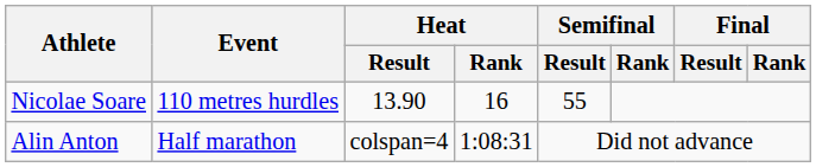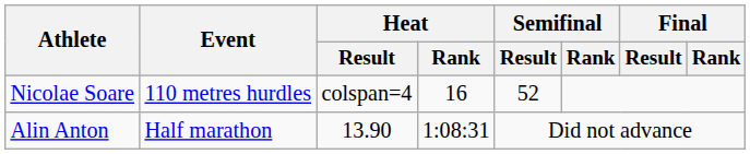 <table class=wikitable style=font-size:90%>
 <tr>
 <th rowspan=2>Athlete</th>
 <th rowspan=2>Event</th>
 <th colspan=2>Heat</th>
 <th colspan=2>Semifinal</th>
 <th colspan=2>Final</th>
 </tr>
 <tr style=font-size:95%>
 <th>Result</th>
 <th>Rank</th>
 <th>Result</th>
 <th>Rank</th>
 <th>Result</th>
 <th>Rank</th>
 </tr>
 <tr align=center>
 <td align=left><a href='#'>Nicolae Soare</a></td>
 <td align=left><a href='#'>110 metres hurdles</a></td>
-<td>13.90</td>
+<td>colspan=4</td>
 <td>16</td>
-<td>55</td>
+<td>52</td>
 </tr>
 <tr align=center>
 <td align=left><a href='#'>Alin Anton</a></td>
 <td align=left><a href='#'>Half marathon</a></td>
-<td>colspan=4</td>
+<td>13.90</td>
 <td>1:08:31</td>
 <td colspan=4>Did not advance</td>
 </tr>
 </table>
